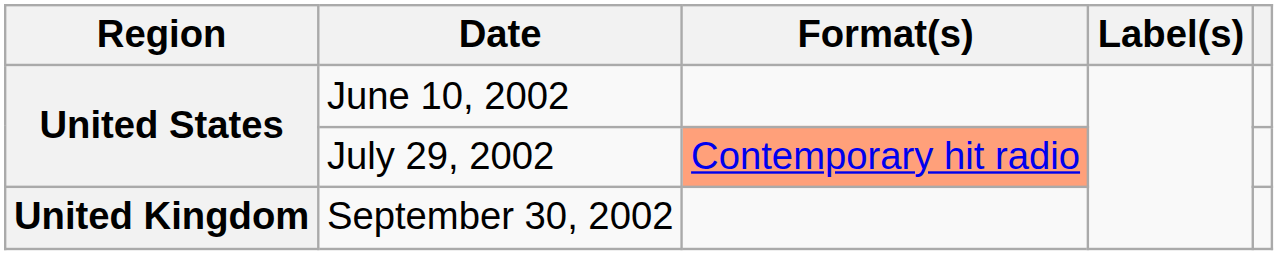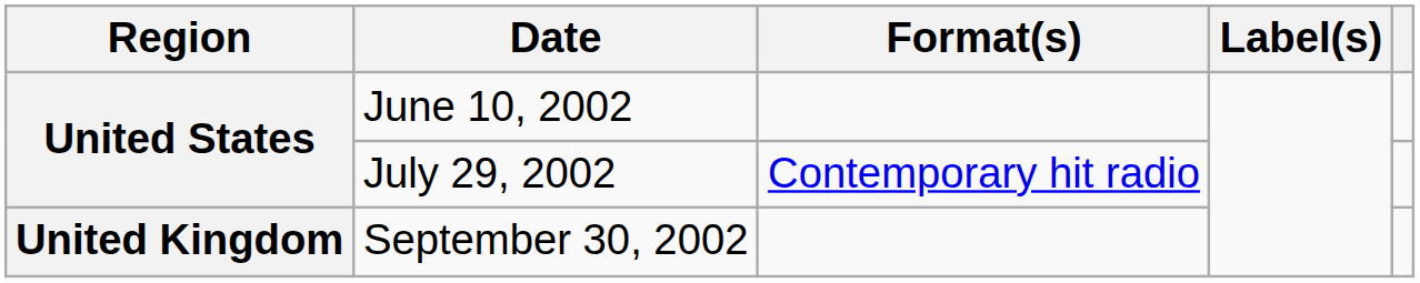 <table class="wikitable plainrowheaders">
 <tr>
 <th scope="col">Region</th>
 <th scope="col">Date</th>
 <th scope="col">Format(s)</th>
 <th scope="col">Label(s)</th>
 <th scope="col"></th>
 </tr>
 <tr>
 <th scope="row" rowspan="2">United States</th>
 <td>June 10, 2002</td>
 <td></td>
 <td rowspan="3"></td>
 <td></td>
 </tr>
 <tr>
 <td>July 29, 2002</td>
-<td style="background: lightsalmon;"><a href='#'>Contemporary hit radio</a></td>
+<td><a href='#'>Contemporary hit radio</a></td>
 <td></td>
 </tr>
 <tr>
 <th scope="row" rowspan="2">United Kingdom</th>
 <td>September 30, 2002</td>
 <td></td>
 <td></td>
 </tr>
 </table>
